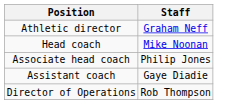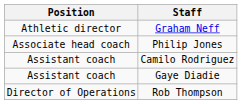 <table class="wikitable" style="text-align: center;">
 <tr>
 <th>Position</th>
 <th>Staff</th>
 </tr>
 <tr>
 <td>Athletic director</td>
 <td> <a href='#'>Graham Neff</a></td>
 </tr>
 <tr>
-<td>Head coach</td>
-<td> <a href='#'>Mike Noonan</a></td>
+<td>Associate head coach</td>
+<td> Philip Jones</td>
 </tr>
 <tr>
-<td>Associate head coach</td>
-<td> Philip Jones</td>
+<td>Assistant coach</td>
+<td> Camilo Rodriguez</td>
 </tr>
 <tr>
 <td>Assistant coach</td>
 <td> Gaye Diadie</td>
 </tr>
 <tr>
 <td>Director of Operations</td>
 <td> Rob Thompson</td>
 </tr>
 </table>
